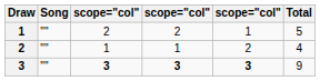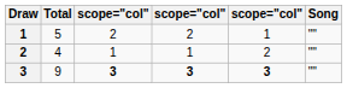 <table class="wikitable plainrowheaders" style="margin: 1em auto 1em auto; text-align:center;">
 <tr>
 <th>Draw</th>
-<th>Song</th>
+<th>Total</th>
 <th>scope="col" </th>
 <th>scope="col" </th>
 <th>scope="col" </th>
-<th>Total</th>
+<th>Song</th>
 </tr>
 <tr>
 <th scope="row" style="text-align:center">1</th>
-<td align="left">""</td>
+<td>5</td>
 <td>2</td>
 <td>2</td>
 <td>1</td>
-<td>5</td>
+<td align="left">""</td>
 </tr>
 <tr>
 <th scope="row" style="text-align:center">2</th>
-<td align="left">""</td>
+<td>4</td>
 <td>1</td>
 <td>1</td>
 <td>2</td>
-<td>4</td>
+<td align="left">""</td>
 </tr>
 <tr>
 <th scope="row" style="text-align:center">3</th>
-<td align="left">""</td>
+<td>9</td>
 <td><strong>3</strong></td>
 <td><strong>3</strong></td>
 <td><strong>3</strong></td>
-<td>9</td>
+<td align="left">""</td>
 </tr>
 </table>
